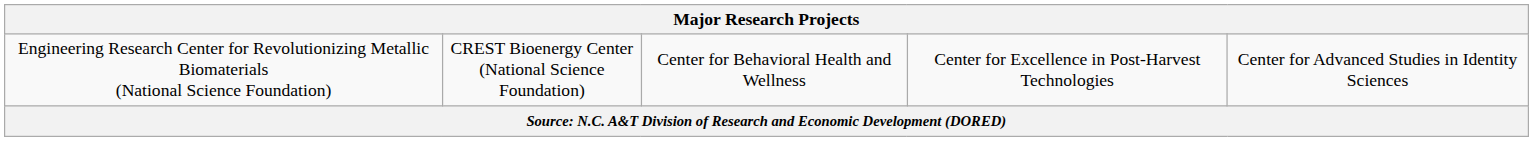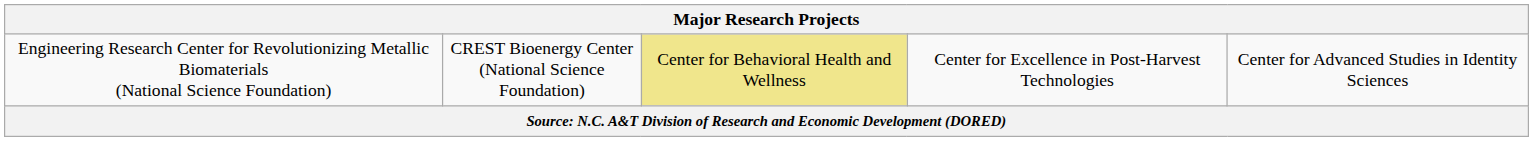 <table class="wikitable" style="font-size:90%; border:0; text-align:center; line-height:120%;">
 <tr>
 <th colspan="10"><strong>Major Research Projects</strong></th>
 </tr>
 <tr>
 <td>Engineering Research Center for Revolutionizing Metallic Biomaterials<br>(National Science Foundation)</td>
 <td>CREST Bioenergy Center<br>(National Science Foundation)</td>
-<td>Center for Behavioral Health and Wellness</td>
+<td style="background: khaki;">Center for Behavioral Health and Wellness</td>
 <td>Center for Excellence in Post-Harvest Technologies</td>
 <td>Center for Advanced Studies in Identity Sciences</td>
 </tr>
 <tr>
 <th colspan="10"><small><em>Source: N.C. A&T Division of Research and Economic Development (DORED)</em></small></th>
 </tr>
 </table>
